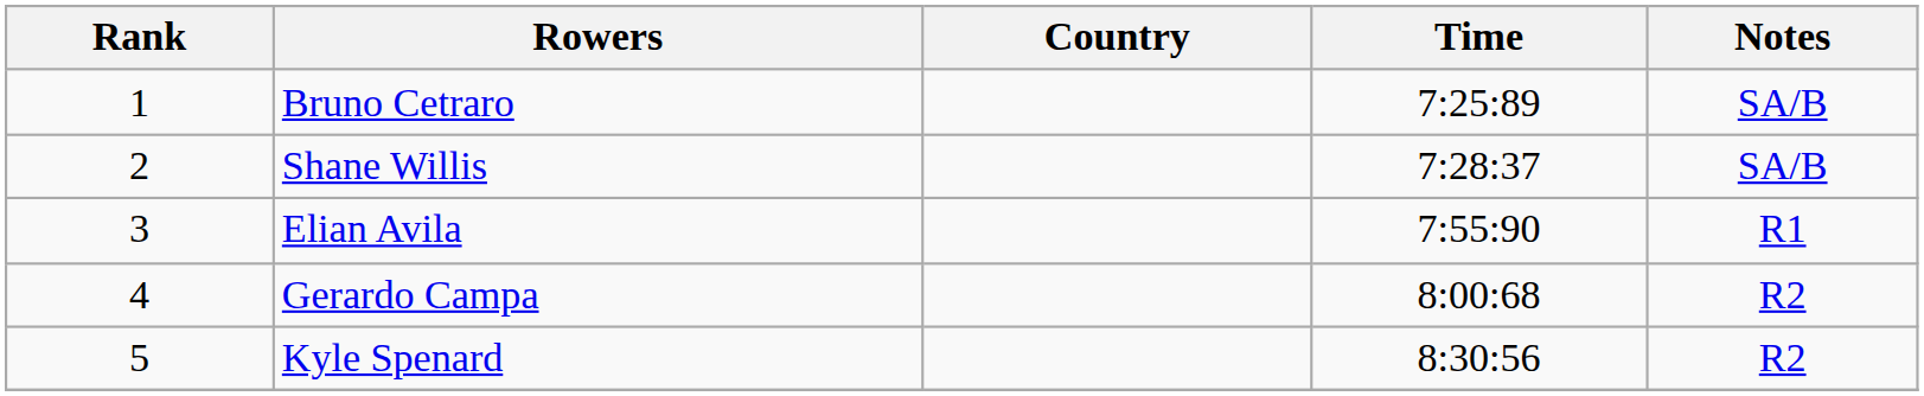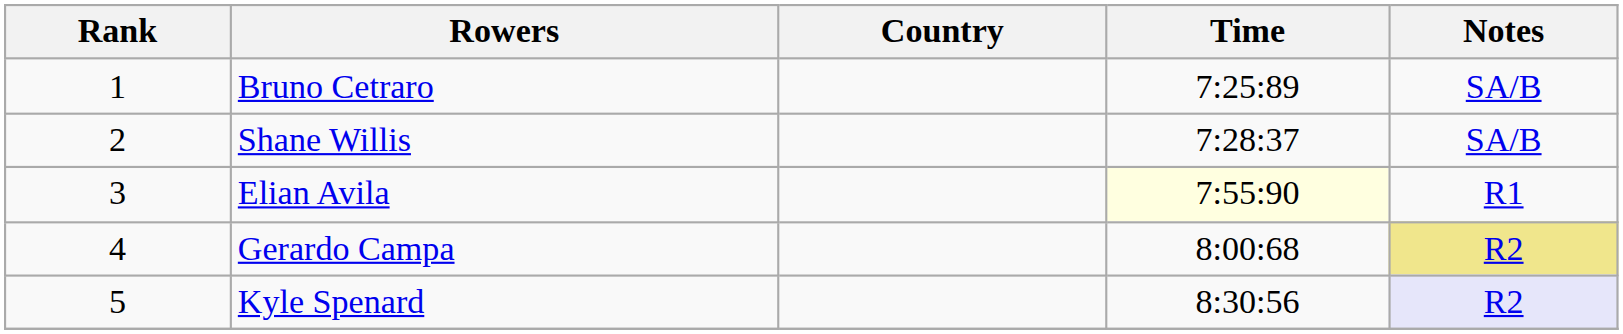 <table class="wikitable" width=60% style="text-align:center">
 <tr>
 <th>Rank</th>
 <th>Rowers</th>
 <th>Country</th>
 <th>Time</th>
 <th>Notes</th>
 </tr>
 <tr>
 <td>1</td>
 <td align=left><a href='#'>Bruno Cetraro</a></td>
 <td align=left></td>
 <td>7:25:89</td>
 <td><a href='#'>SA/B</a></td>
 </tr>
 <tr>
 <td>2</td>
 <td align=left><a href='#'>Shane Willis</a></td>
 <td align=left></td>
 <td>7:28:37</td>
 <td><a href='#'>SA/B</a></td>
 </tr>
 <tr>
 <td>3</td>
 <td align=left><a href='#'>Elian Avila</a></td>
 <td align=left></td>
-<td>7:55:90</td>
+<td style="background: lightyellow;">7:55:90</td>
 <td><a href='#'>R1</a></td>
 </tr>
 <tr>
 <td>4</td>
 <td align=left><a href='#'>Gerardo Campa</a></td>
 <td align=left></td>
 <td>8:00:68</td>
-<td><a href='#'>R2</a></td>
+<td style="background: khaki;"><a href='#'>R2</a></td>
 </tr>
 <tr>
 <td>5</td>
 <td align=left><a href='#'>Kyle Spenard</a></td>
 <td align=left></td>
 <td>8:30:56</td>
-<td><a href='#'>R2</a></td>
+<td style="background: lavender;"><a href='#'>R2</a></td>
 </tr>
 <tr>
 </tr>
 </table>
